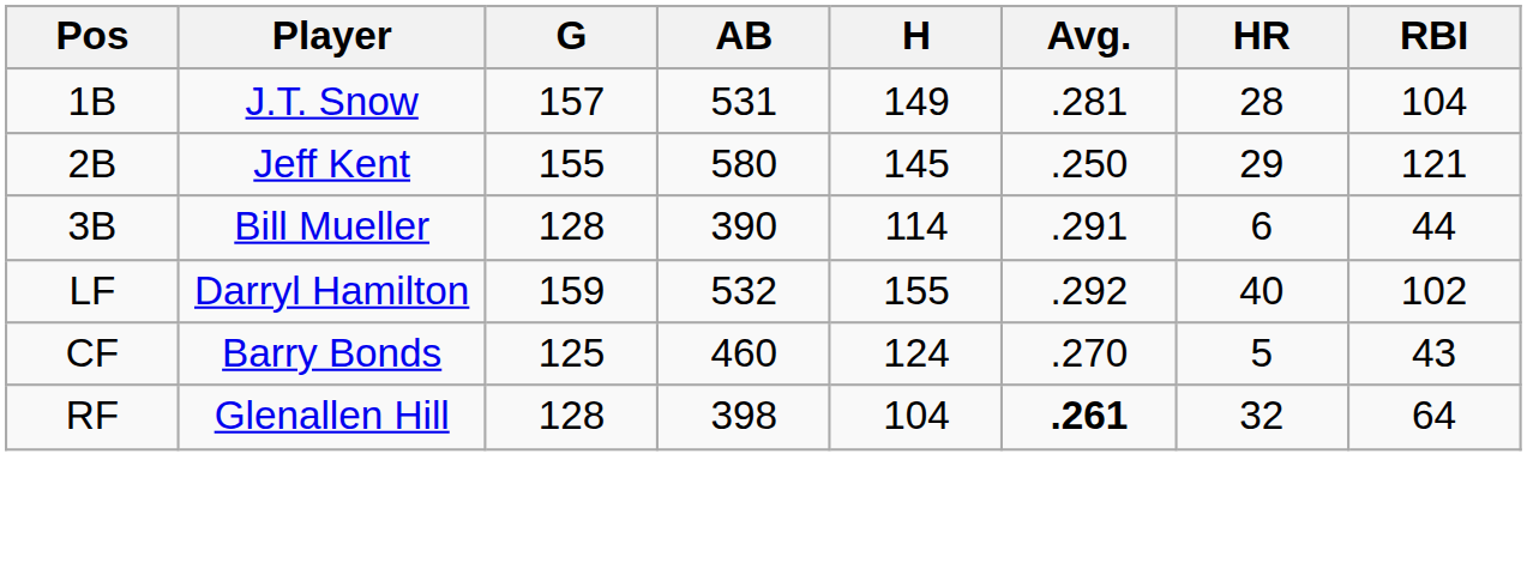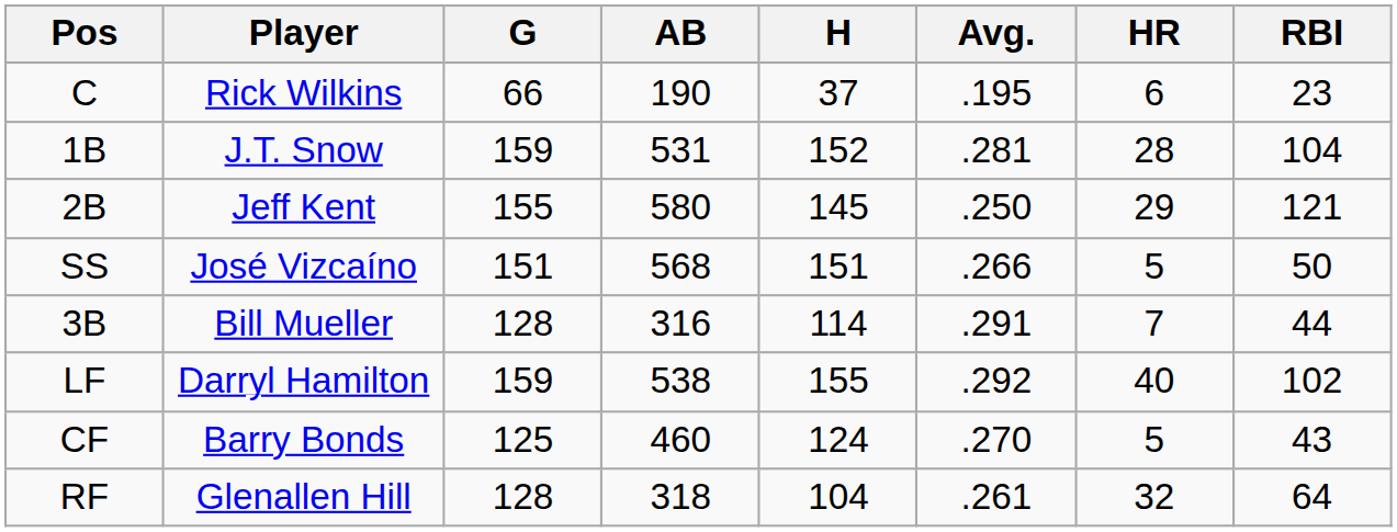 <table class="wikitable sortable">
 <tr>
 <th bgcolor="#DDDDFF" width="9%'">Pos</th>
 <th bgcolor="#DDDDFF" width="16%">Player</th>
 <th bgcolor="#DDDDFF" width="9%">G</th>
 <th bgcolor="#DDDDFF" width="9%">AB</th>
 <th bgcolor="#DDDDFF" width="9%">H</th>
 <th bgcolor="#DDDDFF" width="9%">Avg.</th>
 <th bgcolor="#DDDDFF" width="9%">HR</th>
 <th bgcolor="#DDDDFF" width="9%">RBI</th>
 </tr>
 <tr align=center>
+<td>C</td>
+<td><a href='#'>Rick Wilkins</a></td>
+<td>66</td>
+<td>190</td>
+<td>37</td>
+<td>.195</td>
+<td>6</td>
+<td>23</td>
+</tr>
+<tr align=center>
 <td>1B</td>
 <td><a href='#'>J.T. Snow</a></td>
-<td>157</td>
+<td>159</td>
 <td>531</td>
-<td>149</td>
+<td>152</td>
 <td>.281</td>
 <td>28</td>
 <td>104</td>
 </tr>
 <tr align=center>
 <td>2B</td>
 <td><a href='#'>Jeff Kent</a></td>
 <td>155</td>
 <td>580</td>
 <td>145</td>
 <td>.250</td>
 <td>29</td>
 <td>121</td>
 </tr>
 <tr align=center>
+<td>SS</td>
+<td><a href='#'>José Vizcaíno</a></td>
+<td>151</td>
+<td>568</td>
+<td>151</td>
+<td>.266</td>
+<td>5</td>
+<td>50</td>
+</tr>
+<tr align=center>
 <td>3B</td>
 <td><a href='#'>Bill Mueller</a></td>
 <td>128</td>
-<td>390</td>
+<td>316</td>
 <td>114</td>
 <td>.291</td>
-<td>6</td>
+<td>7</td>
 <td>44</td>
 </tr>
 <tr align=center>
 <td>LF</td>
 <td><a href='#'>Darryl Hamilton</a></td>
 <td>159</td>
-<td>532</td>
+<td>538</td>
 <td>155</td>
 <td>.292</td>
 <td>40</td>
 <td>102</td>
 </tr>
 <tr align=center>
 <td>CF</td>
 <td><a href='#'>Barry Bonds</a></td>
 <td>125</td>
 <td>460</td>
 <td>124</td>
 <td>.270</td>
 <td>5</td>
 <td>43</td>
 </tr>
 <tr align=center>
 <td>RF</td>
 <td><a href='#'>Glenallen Hill</a></td>
 <td>128</td>
-<td>398</td>
+<td>318</td>
 <td>104</td>
-<td><strong>.261</strong></td>
+<td>.261</td>
 <td>32</td>
 <td>64</td>
 </tr>
 </table>
